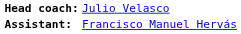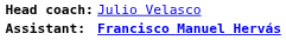 <table>
 <tr>
 <td><strong>Head coach:</strong></td>
 <td><a href='#'>Julio Velasco</a></td>
 </tr>
 <tr>
 <td><strong>Assistant:</strong></td>
-<td><a href='#'>Francisco Manuel Hervás</a></td>
+<td><strong><a href='#'>Francisco Manuel Hervás</a></strong></td>
 </tr>
 </table>
